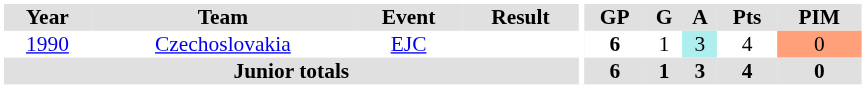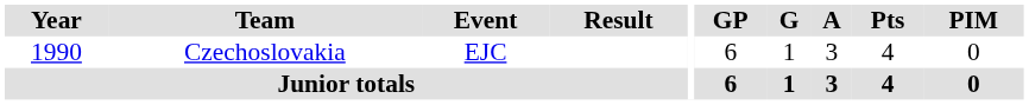 <table border="0" cellpadding="1" cellspacing="0" ID="Table3" style="text-align:center; width:40em">
 <tr ALIGN="center" bgcolor="#e0e0e0">
 <th>Year</th>
 <th>Team</th>
 <th>Event</th>
 <th>Result</th>
 <th rowspan="99" bgcolor="#ffffff"></th>
 <th>GP</th>
 <th>G</th>
 <th>A</th>
 <th>Pts</th>
 <th>PIM</th>
 </tr>
 <tr>
 <td><a href='#'>1990</a></td>
 <td><a href='#'>Czechoslovakia</a></td>
 <td><a href='#'>EJC</a></td>
 <td></td>
-<td><strong>6</strong></td>
+<td>6</td>
 <td>1</td>
-<td style="background: paleturquoise;">3</td>
+<td>3</td>
 <td>4</td>
-<td style="background: lightsalmon;">0</td>
+<td>0</td>
 </tr>
 <tr bgcolor="#e0e0e0">
 <th colspan="4">Junior totals</th>
 <th>6</th>
 <th>1</th>
 <th>3</th>
 <th>4</th>
 <th>0</th>
 </tr>
 </table>
